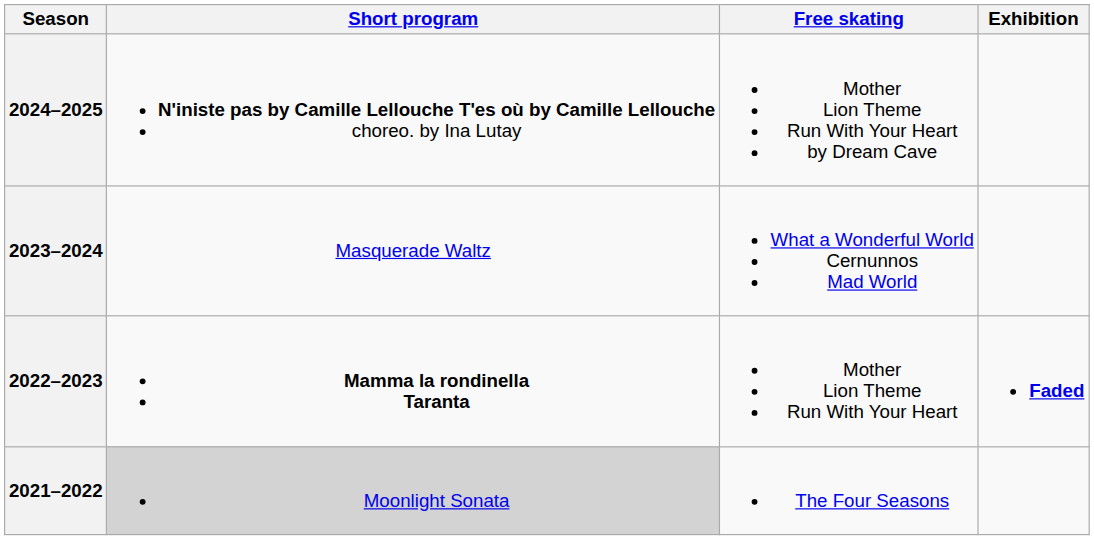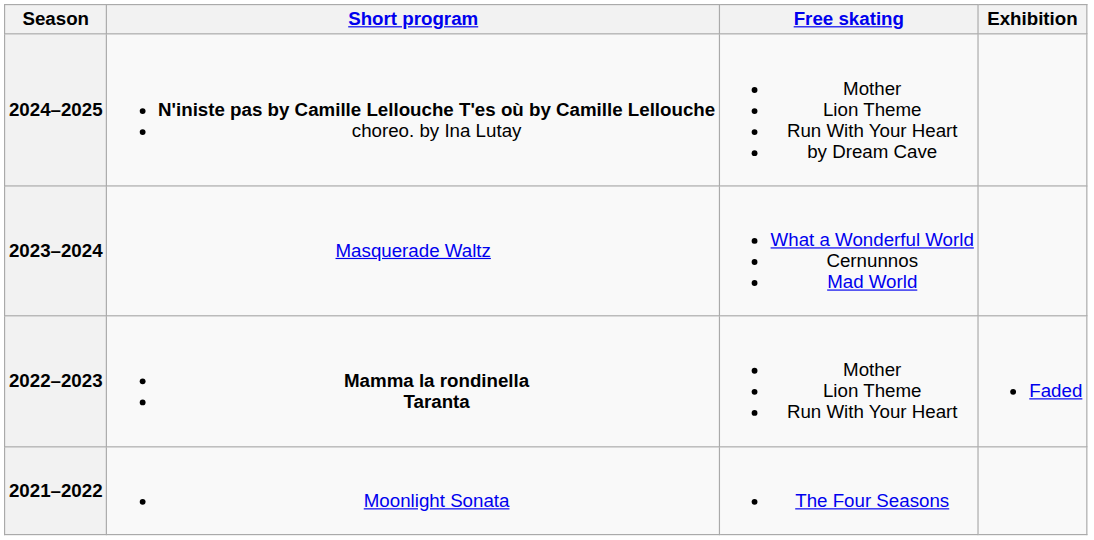 <table class="wikitable" style="text-align:center">
 <tr>
 <th>Season</th>
 <th><a href='#'>Short program</a></th>
 <th><a href='#'>Free skating</a></th>
 <th>Exhibition</th>
 </tr>
 <tr>
 <th>2024–2025 <br> </th>
 <td><br><ul><li><strong>N'iniste pas by Camille Lellouche</strong> <strong>T'es où by Camille Lellouche</strong></li><li>choreo. by Ina Lutay</li></ul></td>
 <td><br><ul><li>Mother</li><li>Lion Theme <br> </li><li>Run With Your Heart</li><li>by Dream Cave<br></li></ul></td>
 </tr>
 <tr>
 <th>2023–2024 <br> </th>
 <td><a href='#'>Masquerade Waltz</a> <br> </td>
 <td><br><ul><li><a href='#'>What a Wonderful World</a> <br></li><li>Cernunnos <br></li><li><a href='#'>Mad World</a> <br> </li></ul></td>
 <td></td>
 </tr>
 <tr>
 <th>2022–2023</th>
 <td><strong><br><ul><li>Mamma la rondinella</li><li>Taranta <br> </li></ul></strong></td>
 <td><br><ul><li>Mother</li><li>Lion Theme <br> </li><li>Run With Your Heart <br> </li></ul></td>
-<td><strong><br><ul><li><a href='#'>Faded</a> <br></li></ul></strong></td>
+<td><br><ul><li><a href='#'>Faded</a> <br></li></ul></td>
 </tr>
 <tr>
 <th>2021–2022</th>
-<td style="background: lightgrey;"><br><ul><li><a href='#'>Moonlight Sonata</a> <br> </li></ul></td>
+<td><br><ul><li><a href='#'>Moonlight Sonata</a> <br> </li></ul></td>
 <td><br><ul><li><a href='#'>The Four Seasons</a> <br> </li></ul></td>
 <td></td>
 </tr>
 </table>
